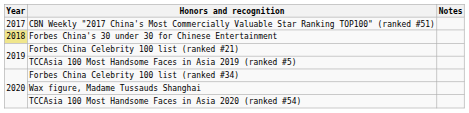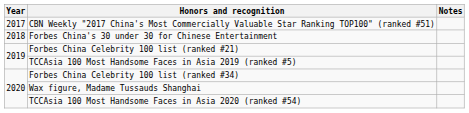 <table class="wikitable">
 <tr>
 <th>Year</th>
 <th>Honors and recognition</th>
 <th>Notes</th>
 </tr>
 <tr>
 <td>2017</td>
 <td>CBN Weekly "2017 China's Most Commercially Valuable Star Ranking TOP100" (ranked #51)</td>
 <td></td>
 </tr>
 <tr>
-<td style="background: khaki;">2018</td>
+<td>2018</td>
 <td>Forbes China's 30 under 30 for Chinese Entertainment</td>
 <td></td>
 </tr>
 <tr>
 <td rowspan=2>2019</td>
 <td>Forbes China Celebrity 100 list (ranked #21)</td>
 <td></td>
 </tr>
 <tr>
 <td>TCCAsia 100 Most Handsome Faces in Asia 2019 (ranked #5)</td>
 <td></td>
 </tr>
 <tr>
 <td rowspan=3>2020</td>
 <td>Forbes China Celebrity 100 list (ranked #34)</td>
 <td></td>
 </tr>
 <tr>
 <td>Wax figure, Madame Tussauds Shanghai</td>
 <td></td>
 </tr>
 <tr>
 <td>TCCAsia 100 Most Handsome Faces in Asia 2020 (ranked #54)</td>
 <td></td>
 </tr>
 </table>
